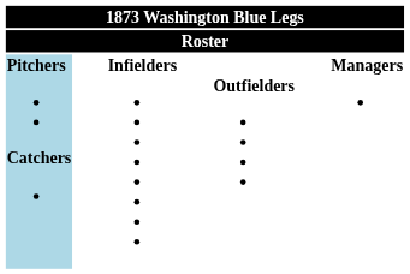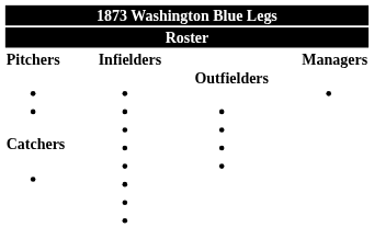 <table class="toccolours" style="font-size: 95%;">
 <tr>
 <th colspan="10" style="background-color: black; color:white; text-align: center;">1873 Washington Blue Legs</th>
 </tr>
 <tr>
 <td colspan="10" style="background-color:black; color: white; text-align: center;"><strong>Roster</strong></td>
 </tr>
 <tr>
-<td valign="top" style="background: lightblue;"><strong>Pitchers</strong><br><ul><li></li><li></li></ul><strong>Catchers</strong><ul><li></li></ul></td>
+<td valign="top"><strong>Pitchers</strong><br><ul><li></li><li></li></ul><strong>Catchers</strong><ul><li></li></ul></td>
 <td width="25px"></td>
 <td valign="top"><strong>Infielders</strong><br><ul><li></li><li></li><li></li><li></li><li></li><li></li><li></li><li></li></ul></td>
 <td width="25px"></td>
 <td valign="top"><br><strong>Outfielders</strong><ul><li></li><li></li><li></li><li></li></ul></td>
 <td width="25px"></td>
 <td valign="top"><strong>Managers</strong><br><ul><li></li></ul></td>
 </tr>
 </table>
